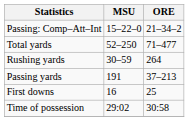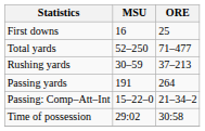 <table class="wikitable" style="float: left;">
 <tr>
 <th>Statistics</th>
 <th>MSU</th>
 <th>ORE</th>
 </tr>
 <tr>
-<td>Passing: Comp–Att–Int</td>
-<td>15–22–0</td>
-<td>21–34–2</td>
+<td>First downs</td>
+<td>16</td>
+<td>25</td>
 </tr>
 <tr>
 <td>Total yards</td>
 <td>52–250</td>
 <td>71–477</td>
 </tr>
 <tr>
 <td>Rushing yards</td>
 <td>30–59</td>
-<td>264</td>
+<td>37–213</td>
 </tr>
 <tr>
 <td>Passing yards</td>
 <td>191</td>
-<td>37–213</td>
+<td>264</td>
 </tr>
 <tr>
-<td>First downs</td>
-<td>16</td>
-<td>25</td>
+<td>Passing: Comp–Att–Int</td>
+<td>15–22–0</td>
+<td>21–34–2</td>
 </tr>
 <tr>
 <td>Time of possession</td>
 <td>29:02</td>
 <td>30:58</td>
 </tr>
 <tr>
 </tr>
 </table>
